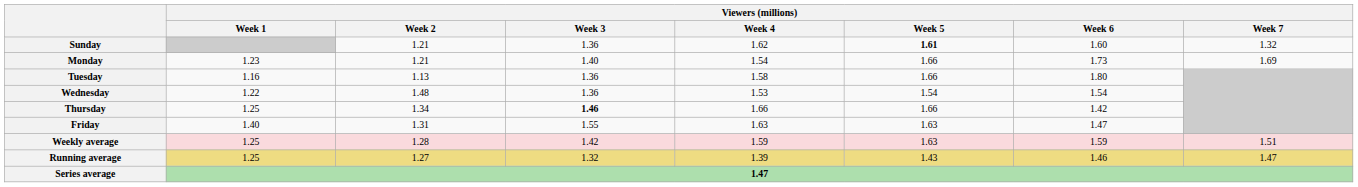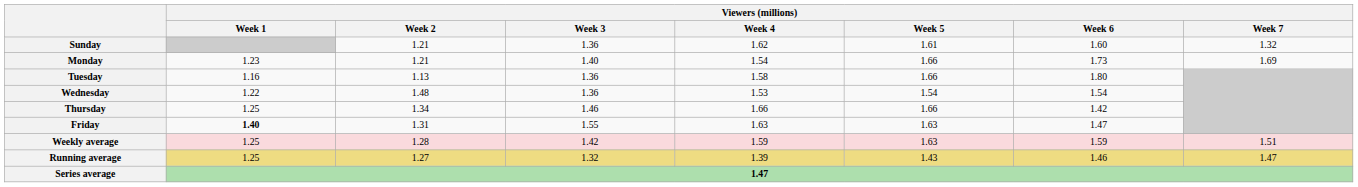 <table class="wikitable" style="font-size:90%; text-align:center; width: 100%; margin-left: auto; margin-right: auto;">
 <tr>
 <th scope="col" rowspan="2" style="width:12%;"></th>
 <th scope=col colspan=13>Viewers (millions)</th>
 </tr>
 <tr>
 <th>Week 1</th>
 <th>Week 2</th>
 <th>Week 3</th>
 <th>Week 4</th>
 <th>Week 5</th>
 <th>Week 6</th>
 <th>Week 7</th>
 </tr>
 <tr>
 <th>Sunday</th>
 <td style="background:#ccc;"></td>
 <td>1.21</td>
 <td>1.36</td>
 <td>1.62</td>
-<td><strong>1.61</strong></td>
+<td>1.61</td>
 <td>1.60</td>
 <td>1.32</td>
 </tr>
 <tr>
 <th>Monday</th>
 <td>1.23</td>
 <td>1.21</td>
 <td>1.40</td>
 <td>1.54</td>
 <td>1.66</td>
 <td>1.73</td>
 <td>1.69</td>
 </tr>
 <tr>
 <th>Tuesday</th>
 <td>1.16</td>
 <td>1.13</td>
 <td>1.36</td>
 <td>1.58</td>
 <td>1.66</td>
 <td>1.80</td>
 <td style="background:#ccc;" rowspan="4"></td>
 </tr>
 <tr>
 <th>Wednesday</th>
 <td>1.22</td>
 <td>1.48</td>
 <td>1.36</td>
 <td>1.53</td>
 <td>1.54</td>
 <td>1.54</td>
 </tr>
 <tr>
 <th>Thursday</th>
 <td>1.25</td>
 <td>1.34</td>
-<td><strong>1.46</strong></td>
+<td>1.46</td>
 <td>1.66</td>
 <td>1.66</td>
 <td>1.42</td>
 </tr>
 <tr>
 <th>Friday</th>
-<td>1.40</td>
+<td><strong>1.40</strong></td>
 <td>1.31</td>
 <td>1.55</td>
 <td>1.63</td>
 <td>1.63</td>
 <td>1.47</td>
 </tr>
 <tr>
 <th>Weekly average</th>
 <td style="background:#FADADD;">1.25</td>
 <td style="background:#FADADD;">1.28</td>
 <td style="background:#FADADD;">1.42</td>
 <td style="background:#FADADD;">1.59</td>
 <td style="background:#FADADD;">1.63</td>
 <td style="background:#FADADD;">1.59</td>
 <td style="background:#FADADD;">1.51</td>
 </tr>
 <tr>
 <th>Running average</th>
 <td style="background:#EEDC82;">1.25</td>
 <td style="background:#EEDC82;">1.27</td>
 <td style="background:#EEDC82;">1.32</td>
 <td style="background:#EEDC82;">1.39</td>
 <td style="background:#EEDC82;">1.43</td>
 <td style="background:#EEDC82;">1.46</td>
 <td style="background:#EEDC82;">1.47</td>
 </tr>
 <tr>
 <th>Series average</th>
 <td colspan="7" style="background:#ADDFAD;"><strong>1.47</strong></td>
 </tr>
 </table>
